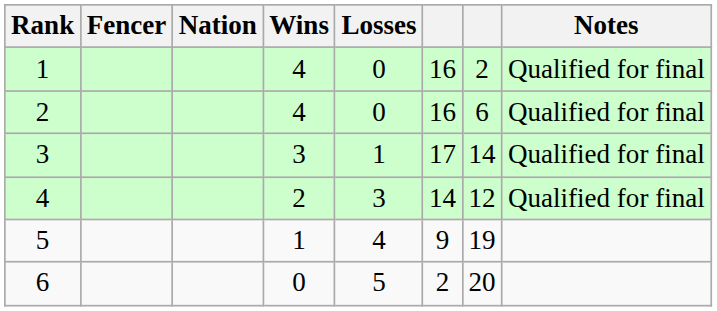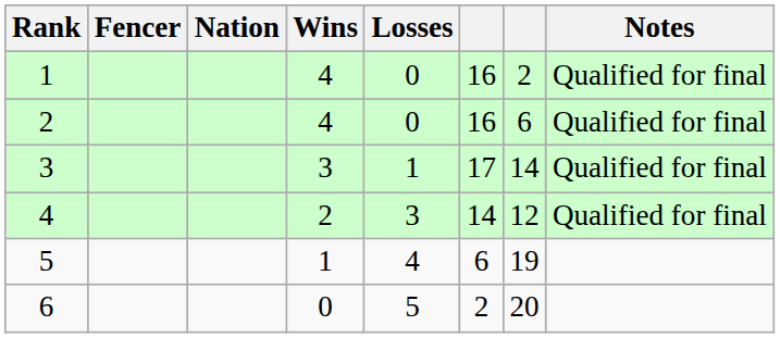 <table class="wikitable sortable" style="text-align:center">
 <tr>
 <th>Rank</th>
 <th>Fencer</th>
 <th>Nation</th>
 <th>Wins</th>
 <th>Losses</th>
 <th></th>
 <th></th>
 <th>Notes</th>
 </tr>
 <tr style= "background:#cfc;">
 <td>1</td>
 <td align=left></td>
 <td align=left></td>
 <td>4</td>
 <td>0</td>
 <td>16</td>
 <td>2</td>
 <td>Qualified for final</td>
 </tr>
 <tr style= "background:#cfc;">
 <td>2</td>
 <td align=left></td>
 <td align=left></td>
 <td>4</td>
 <td>0</td>
 <td>16</td>
 <td>6</td>
 <td>Qualified for final</td>
 </tr>
 <tr style= "background:#cfc;">
 <td>3</td>
 <td align=left></td>
 <td align=left></td>
 <td>3</td>
 <td>1</td>
 <td>17</td>
 <td>14</td>
 <td>Qualified for final</td>
 </tr>
 <tr style= "background:#cfc;">
 <td>4</td>
 <td align=left></td>
 <td align=left></td>
 <td>2</td>
 <td>3</td>
 <td>14</td>
 <td>12</td>
 <td>Qualified for final</td>
 </tr>
 <tr>
 <td>5</td>
 <td align=left></td>
 <td align=left></td>
 <td>1</td>
 <td>4</td>
-<td>9</td>
+<td>6</td>
 <td>19</td>
 <td></td>
 </tr>
 <tr>
 <td>6</td>
 <td align=left></td>
 <td align=left></td>
 <td>0</td>
 <td>5</td>
 <td>2</td>
 <td>20</td>
 <td></td>
 </tr>
 </table>
